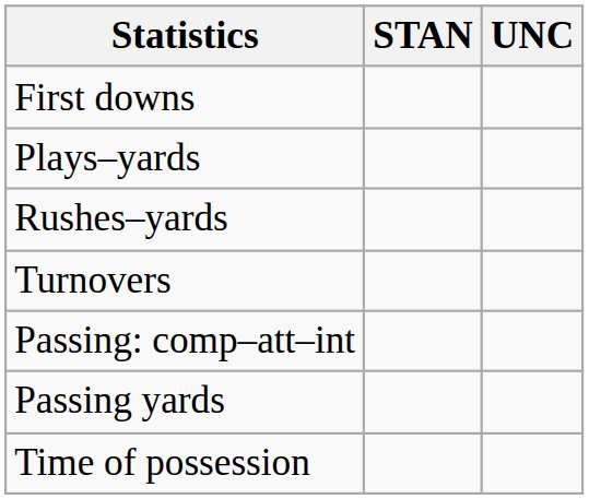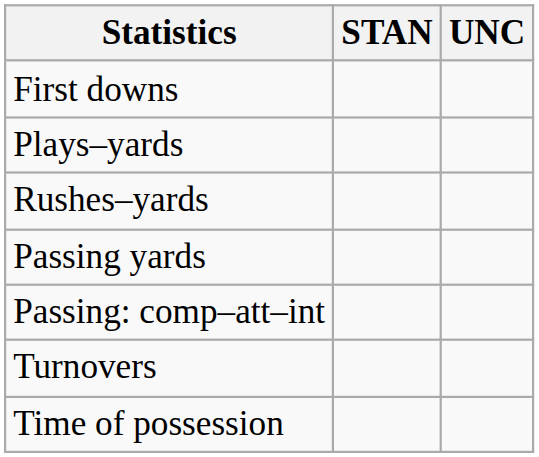 <table class="wikitable" style="float:left">
 <tr>
 <th>Statistics</th>
 <th>STAN</th>
 <th>UNC</th>
 </tr>
 <tr>
 <td>First downs</td>
 <td></td>
 <td></td>
 </tr>
 <tr>
 <td>Plays–yards</td>
 <td></td>
 <td></td>
 </tr>
 <tr>
 <td>Rushes–yards</td>
 <td></td>
 <td></td>
 </tr>
 <tr>
-<td>Turnovers</td>
+<td>Passing yards</td>
 <td></td>
 <td></td>
 </tr>
 <tr>
 <td>Passing: comp–att–int</td>
 <td></td>
 <td></td>
 </tr>
 <tr>
-<td>Passing yards</td>
+<td>Turnovers</td>
 <td></td>
 <td></td>
 </tr>
 <tr>
 <td>Time of possession</td>
 <td></td>
 <td></td>
 </tr>
 </table>
